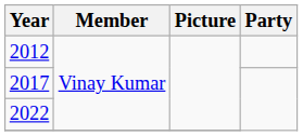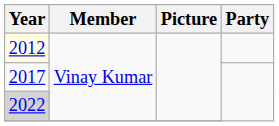 <table class="wikitable sortable">
 <tr>
 <th>Year</th>
 <th>Member</th>
 <th>Picture</th>
 <th colspan="2">Party</th>
 </tr>
 <tr>
-<td><a href='#'>2012</a></td>
+<td style="background: lightyellow;"><a href='#'>2012</a></td>
 <td rowspan=3><a href='#'>Vinay Kumar</a></td>
 <td rowspan=3></td>
 <td></td>
 </tr>
 <tr>
 <td><a href='#'>2017</a></td>
 </tr>
 <tr>
-<td><a href='#'>2022</a></td>
+<td style="background: lightgrey;"><a href='#'>2022</a></td>
 </tr>
 <tr>
 </tr>
 </table>
